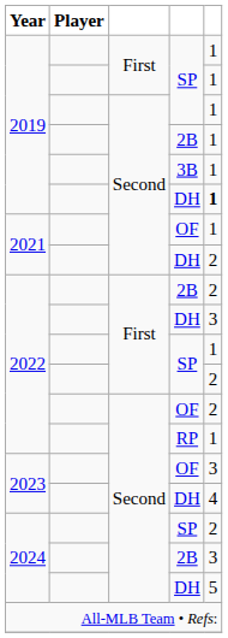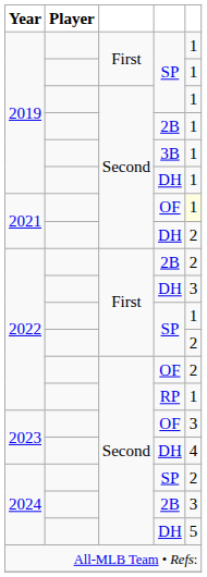 <table class="wikitable sortable plainrowheaders" style="font-size: 95%; text-align:center">
 <tr>
 <th scope="col" style="background-color:#ffffff; border-top:#">Year</th>
 <th scope="col" style="background-color:#ffffff; border-top:#">Player</th>
 <th scope="col" style="background-color:#ffffff; border-top:#"></th>
 <th scope="col" style="background-color:#ffffff; border-top:#"></th>
 <th scope="col" style="background-color:#ffffff; border-top:#"></th>
 </tr>
 <tr>
 <td rowspan="6" style="text-align:center"><a href='#'>2019</a></td>
 <td></td>
 <td rowspan="2" "text-align:center">First</td>
 <td rowspan="3"><a href='#'>SP</a></td>
 <td>1</td>
 </tr>
 <tr>
 <td></td>
 <td>1</td>
 </tr>
 <tr>
 <td></td>
 <td rowspan="6" "text-align:center">Second</td>
 <td>1</td>
 </tr>
 <tr>
 <td style="text-align:center"></td>
 <td style="text-align:center"><a href='#'>2B</a></td>
 <td>1</td>
 </tr>
 <tr>
 <td style="text-align:center"></td>
 <td style="text-align:center"><a href='#'>3B</a></td>
 <td>1</td>
 </tr>
 <tr>
 <td style="text-align:center"></td>
 <td style="text-align:center"><a href='#'>DH</a></td>
-<td><strong>1</strong></td>
+<td>1</td>
 </tr>
 <tr>
 <td rowspan="2"><a href='#'>2021</a></td>
 <td style="text-align:center"></td>
 <td style="text-align:center"><a href='#'>OF</a></td>
-<td>1</td>
+<td style="background: lightyellow;">1</td>
 </tr>
 <tr>
 <td style="text-align:center"></td>
 <td style="text-align:center"><a href='#'>DH</a></td>
 <td>2</td>
 </tr>
 <tr>
 <td rowspan="6" style="text-align:center"><a href='#'>2022</a></td>
 <td style="text-align:center"></td>
 <td rowspan="4" style="text-align:center">First</td>
 <td style="text-align:center"><a href='#'>2B</a></td>
 <td>2</td>
 </tr>
 <tr>
 <td style="text-align:center"></td>
 <td style="text-align:center"><a href='#'>DH</a></td>
 <td>3</td>
 </tr>
 <tr>
 <td></td>
 <td rowspan="2" style="text-align:center"><a href='#'>SP</a></td>
 <td>1</td>
 </tr>
 <tr>
 <td></td>
 <td>2</td>
 </tr>
 <tr>
 <td style="text-align:center"></td>
 <td rowspan="7" "text-align:center">Second</td>
 <td style="text-align:center"><a href='#'>OF</a></td>
 <td>2</td>
 </tr>
 <tr>
 <td style="text-align:center"></td>
 <td style="text-align:center"><a href='#'>RP</a></td>
 <td>1</td>
 </tr>
 <tr>
 <td rowspan="2" style="text-align:center"><a href='#'>2023</a></td>
 <td style="text-align:center"></td>
 <td style="text-align:center"><a href='#'>OF</a></td>
 <td>3</td>
 </tr>
 <tr>
 <td style="text-align:center"></td>
 <td style="text-align:center"><a href='#'>DH</a></td>
 <td>4</td>
 </tr>
 <tr>
 <td rowspan="3" style="text-align:center"><a href='#'>2024</a></td>
 <td></td>
 <td style="text-align:center"><a href='#'>SP</a></td>
 <td>2</td>
 </tr>
 <tr>
 <td style="text-align:center"></td>
 <td style="text-align:center"><a href='#'>2B</a></td>
 <td>3</td>
 </tr>
 <tr>
 <td style="text-align:center"></td>
 <td style="text-align:center"><a href='#'>DH</a></td>
 <td>5</td>
 </tr>
 <tr class="sortbottom">
 <td style="text-align:right"; colspan="5"><small><a href='#'>All-MLB Team</a> • <em>Refs</em>:</small></td>
 </tr>
 <tr>
 </tr>
 </table>
